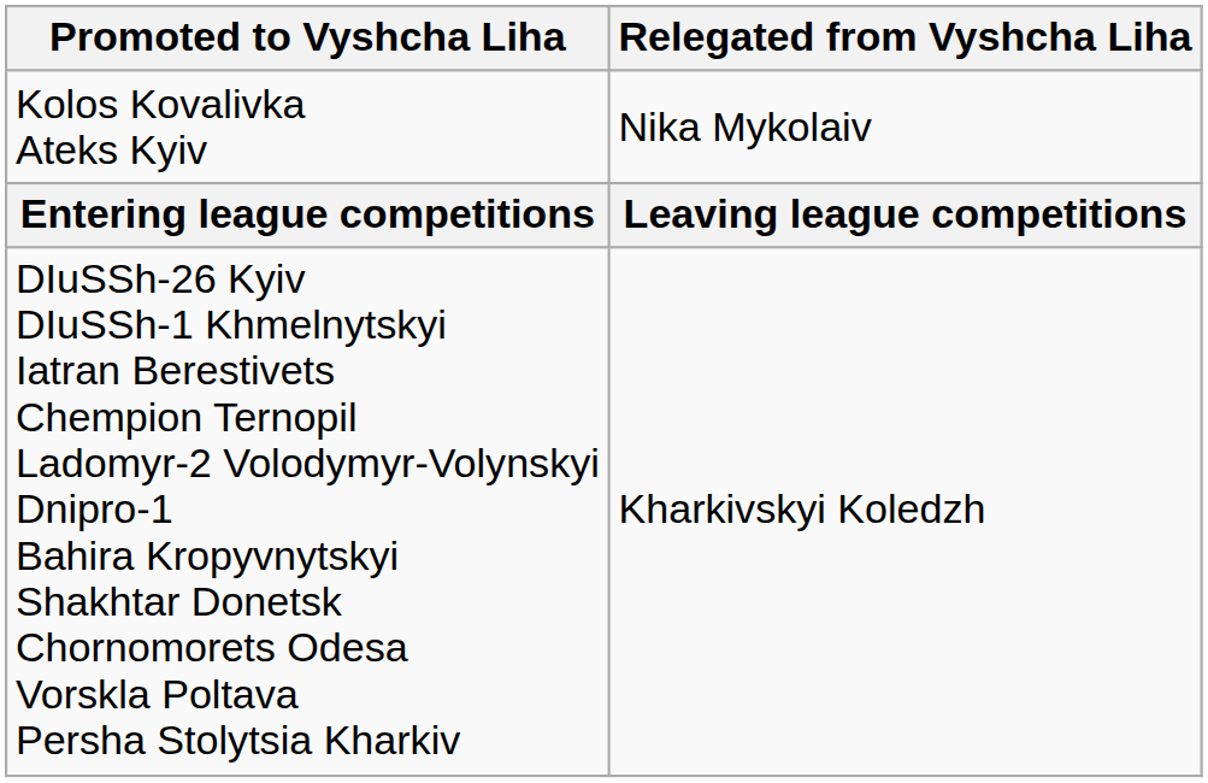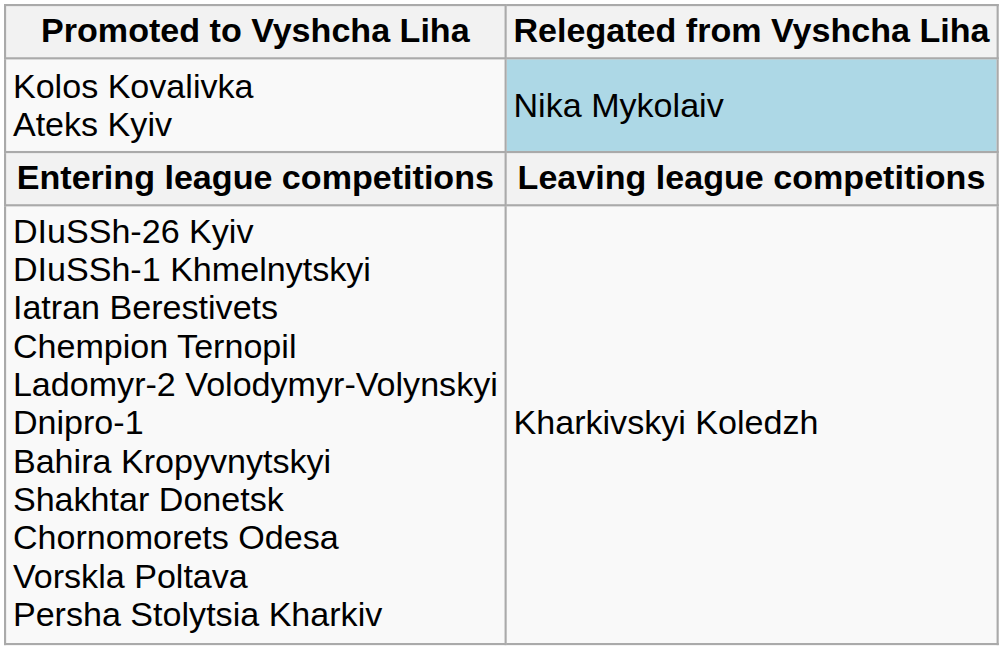 <table class="wikitable">
 <tr>
 <th>Promoted to Vyshcha Liha</th>
 <th>Relegated from Vyshcha Liha</th>
 </tr>
 <tr>
 <td>Kolos Kovalivka<br>Ateks Kyiv</td>
-<td>Nika Mykolaiv</td>
+<td style="background: lightblue;">Nika Mykolaiv</td>
 </tr>
 <tr>
 <th>Entering league competitions</th>
 <th>Leaving league competitions</th>
 </tr>
 <tr>
 <td>DIuSSh-26 Kyiv<br>DIuSSh-1 Khmelnytskyi<br>Iatran Berestivets<br>Chempion Ternopil<br>Ladomyr-2 Volodymyr-Volynskyi<br>Dnipro-1<br>Bahira Kropyvnytskyi<br>Shakhtar Donetsk<br>Chornomorets Odesa<br>Vorskla Poltava<br>Persha Stolytsia Kharkiv</td>
 <td>Kharkivskyi Koledzh</td>
 </tr>
 </table>
